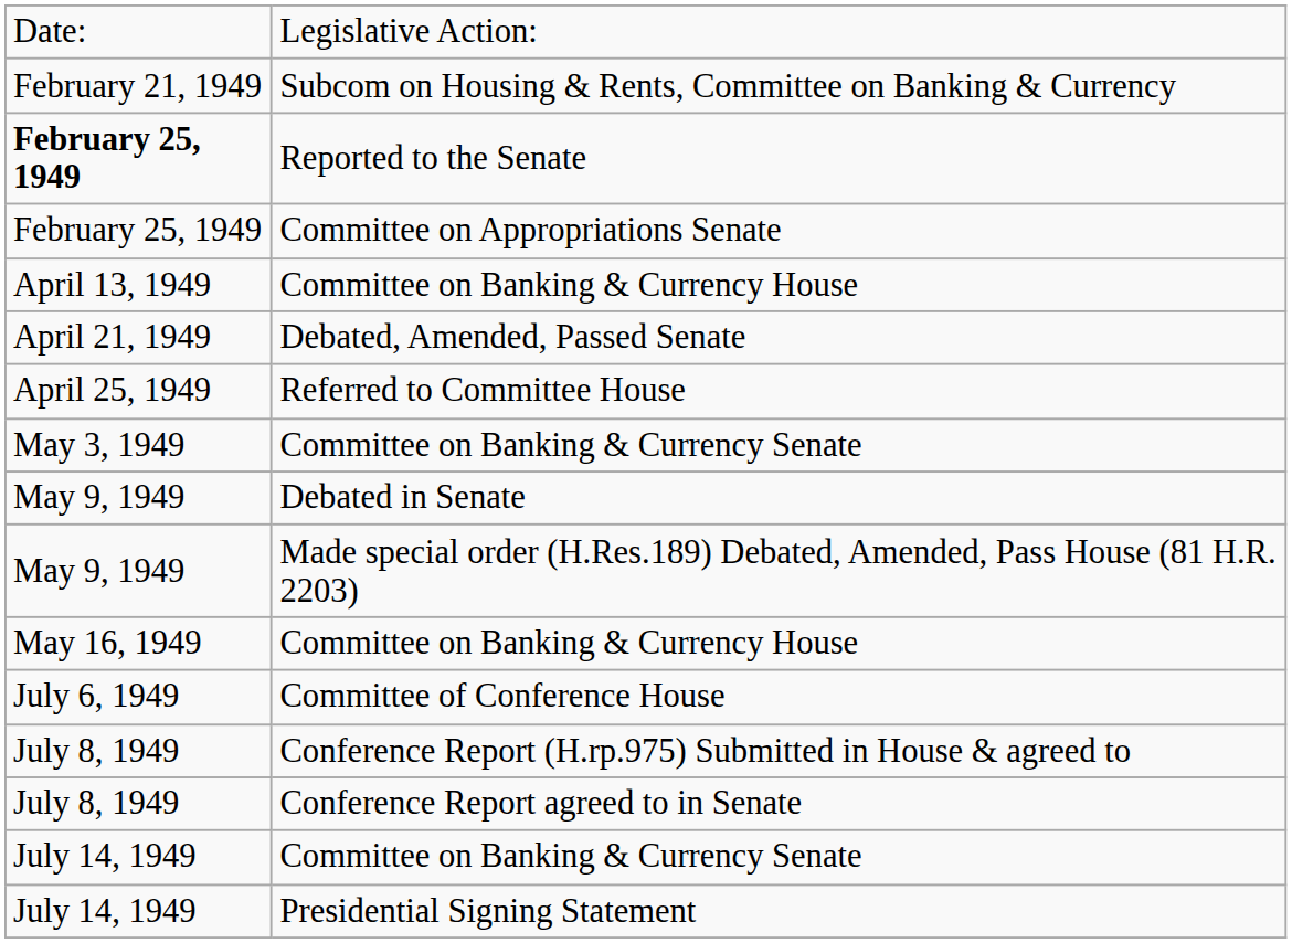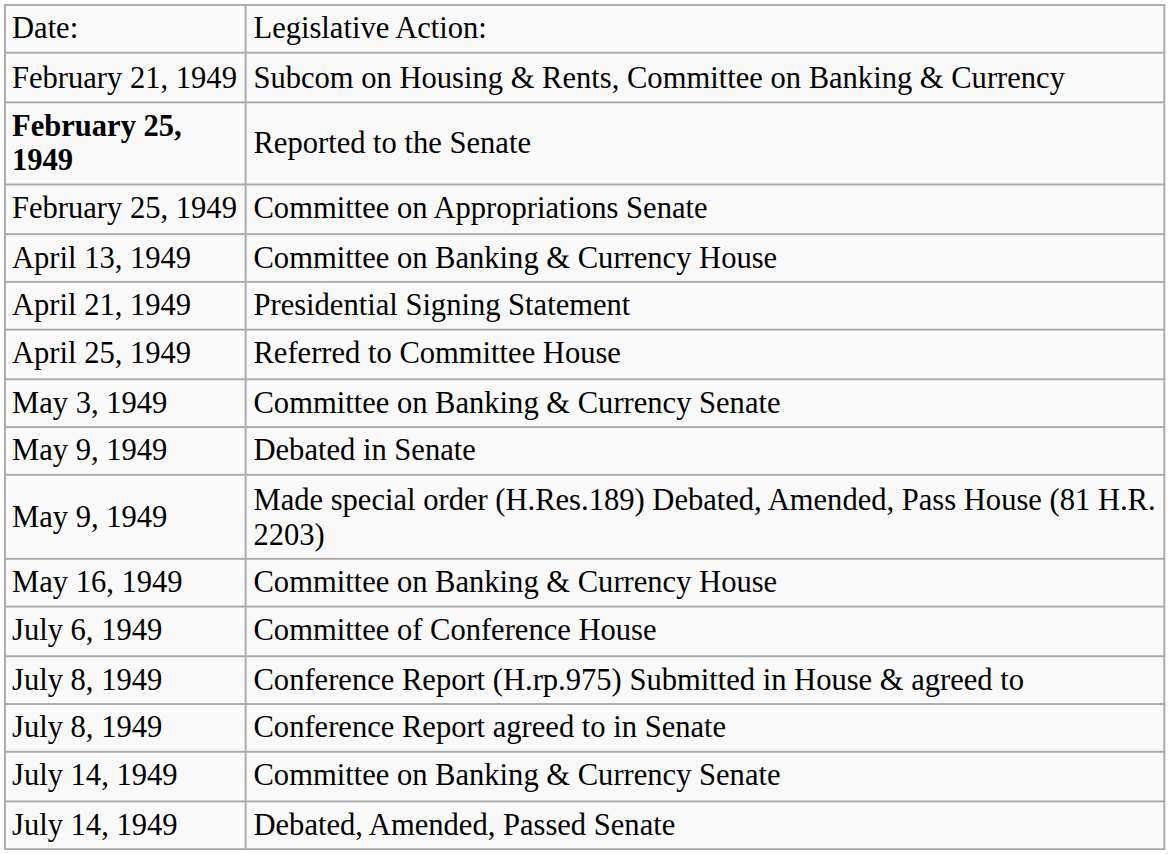 <table class="wikitable">
 <tr>
 <td>Date:</td>
 <td>Legislative Action:</td>
 </tr>
 <tr>
 <td>February 21, 1949</td>
 <td>Subcom on Housing & Rents,  Committee on Banking & Currency</td>
 </tr>
 <tr>
 <td><strong>February 25, 1949</strong></td>
 <td>Reported to the Senate</td>
 </tr>
 <tr>
 <td>February 25, 1949</td>
 <td>Committee on Appropriations Senate</td>
 </tr>
 <tr>
 <td>April 13, 1949</td>
 <td>Committee on Banking  & Currency House</td>
 </tr>
 <tr>
 <td>April 21, 1949</td>
-<td>Debated, Amended, Passed Senate</td>
+<td>Presidential Signing Statement</td>
 </tr>
 <tr>
 <td>April 25, 1949</td>
 <td>Referred to Committee House</td>
 </tr>
 <tr>
 <td>May 3, 1949</td>
 <td>Committee on Banking & Currency Senate</td>
 </tr>
 <tr>
 <td>May 9, 1949</td>
 <td>Debated in Senate</td>
 </tr>
 <tr>
 <td>May 9, 1949</td>
 <td>Made special order (H.Res.189) Debated, Amended, Pass House (81 H.R. 2203)</td>
 </tr>
 <tr>
 <td>May 16, 1949</td>
 <td>Committee on Banking & Currency House</td>
 </tr>
 <tr>
 <td>July 6, 1949</td>
 <td>Committee of Conference House</td>
 </tr>
 <tr>
 <td>July 8, 1949</td>
 <td>Conference Report (H.rp.975) Submitted in House & agreed to</td>
 </tr>
 <tr>
 <td>July 8, 1949</td>
 <td>Conference Report agreed to in Senate</td>
 </tr>
 <tr>
 <td>July 14, 1949</td>
 <td>Committee on Banking & Currency Senate</td>
 </tr>
 <tr>
 <td>July 14, 1949</td>
-<td>Presidential Signing Statement</td>
+<td>Debated, Amended, Passed Senate</td>
 </tr>
 </table>
